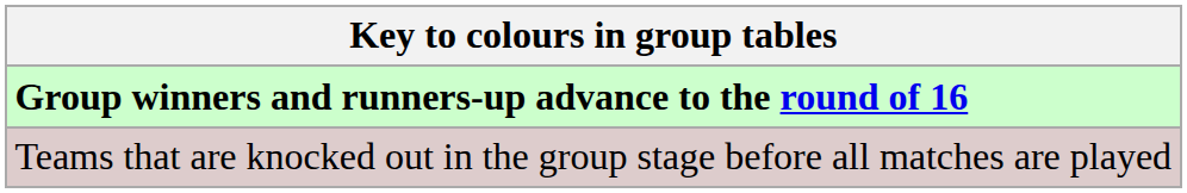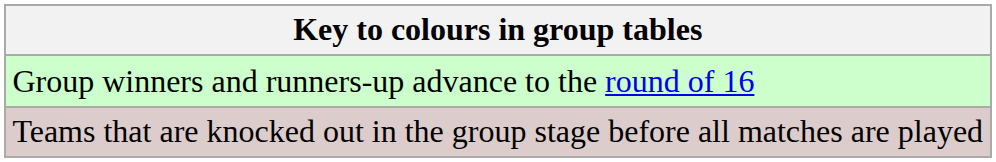 <table class="wikitable">
 <tr>
 <th>Key to colours in group tables</th>
 </tr>
 <tr bgcolor=#ccffcc>
-<td><strong>Group winners and runners-up advance to the <a href='#'>round of 16</a></strong></td>
+<td>Group winners and runners-up advance to the <a href='#'>round of 16</a></td>
 </tr>
 <tr bgcolor=#ddcccc>
 <td>Teams that are knocked out in the group stage before all matches are played</td>
 </tr>
 </table>
